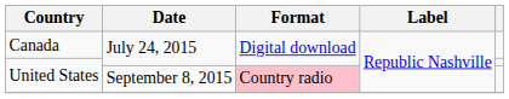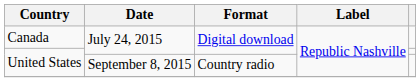 <table class="wikitable">
 <tr>
 <th>Country</th>
 <th>Date</th>
 <th>Format</th>
 <th>Label</th>
 <th></th>
 </tr>
 <tr>
 <td>Canada</td>
 <td rowspan="2">July 24, 2015</td>
 <td rowspan="2"><a href='#'>Digital download</a></td>
 <td rowspan="3"><a href='#'>Republic Nashville</a></td>
 <td></td>
 </tr>
 <tr>
 <td rowspan="2">United States</td>
 <td></td>
 </tr>
 <tr>
 <td>September 8, 2015</td>
-<td style="background: pink;">Country radio</td>
+<td>Country radio</td>
 <td></td>
 </tr>
 <tr>
 </tr>
 </table>
